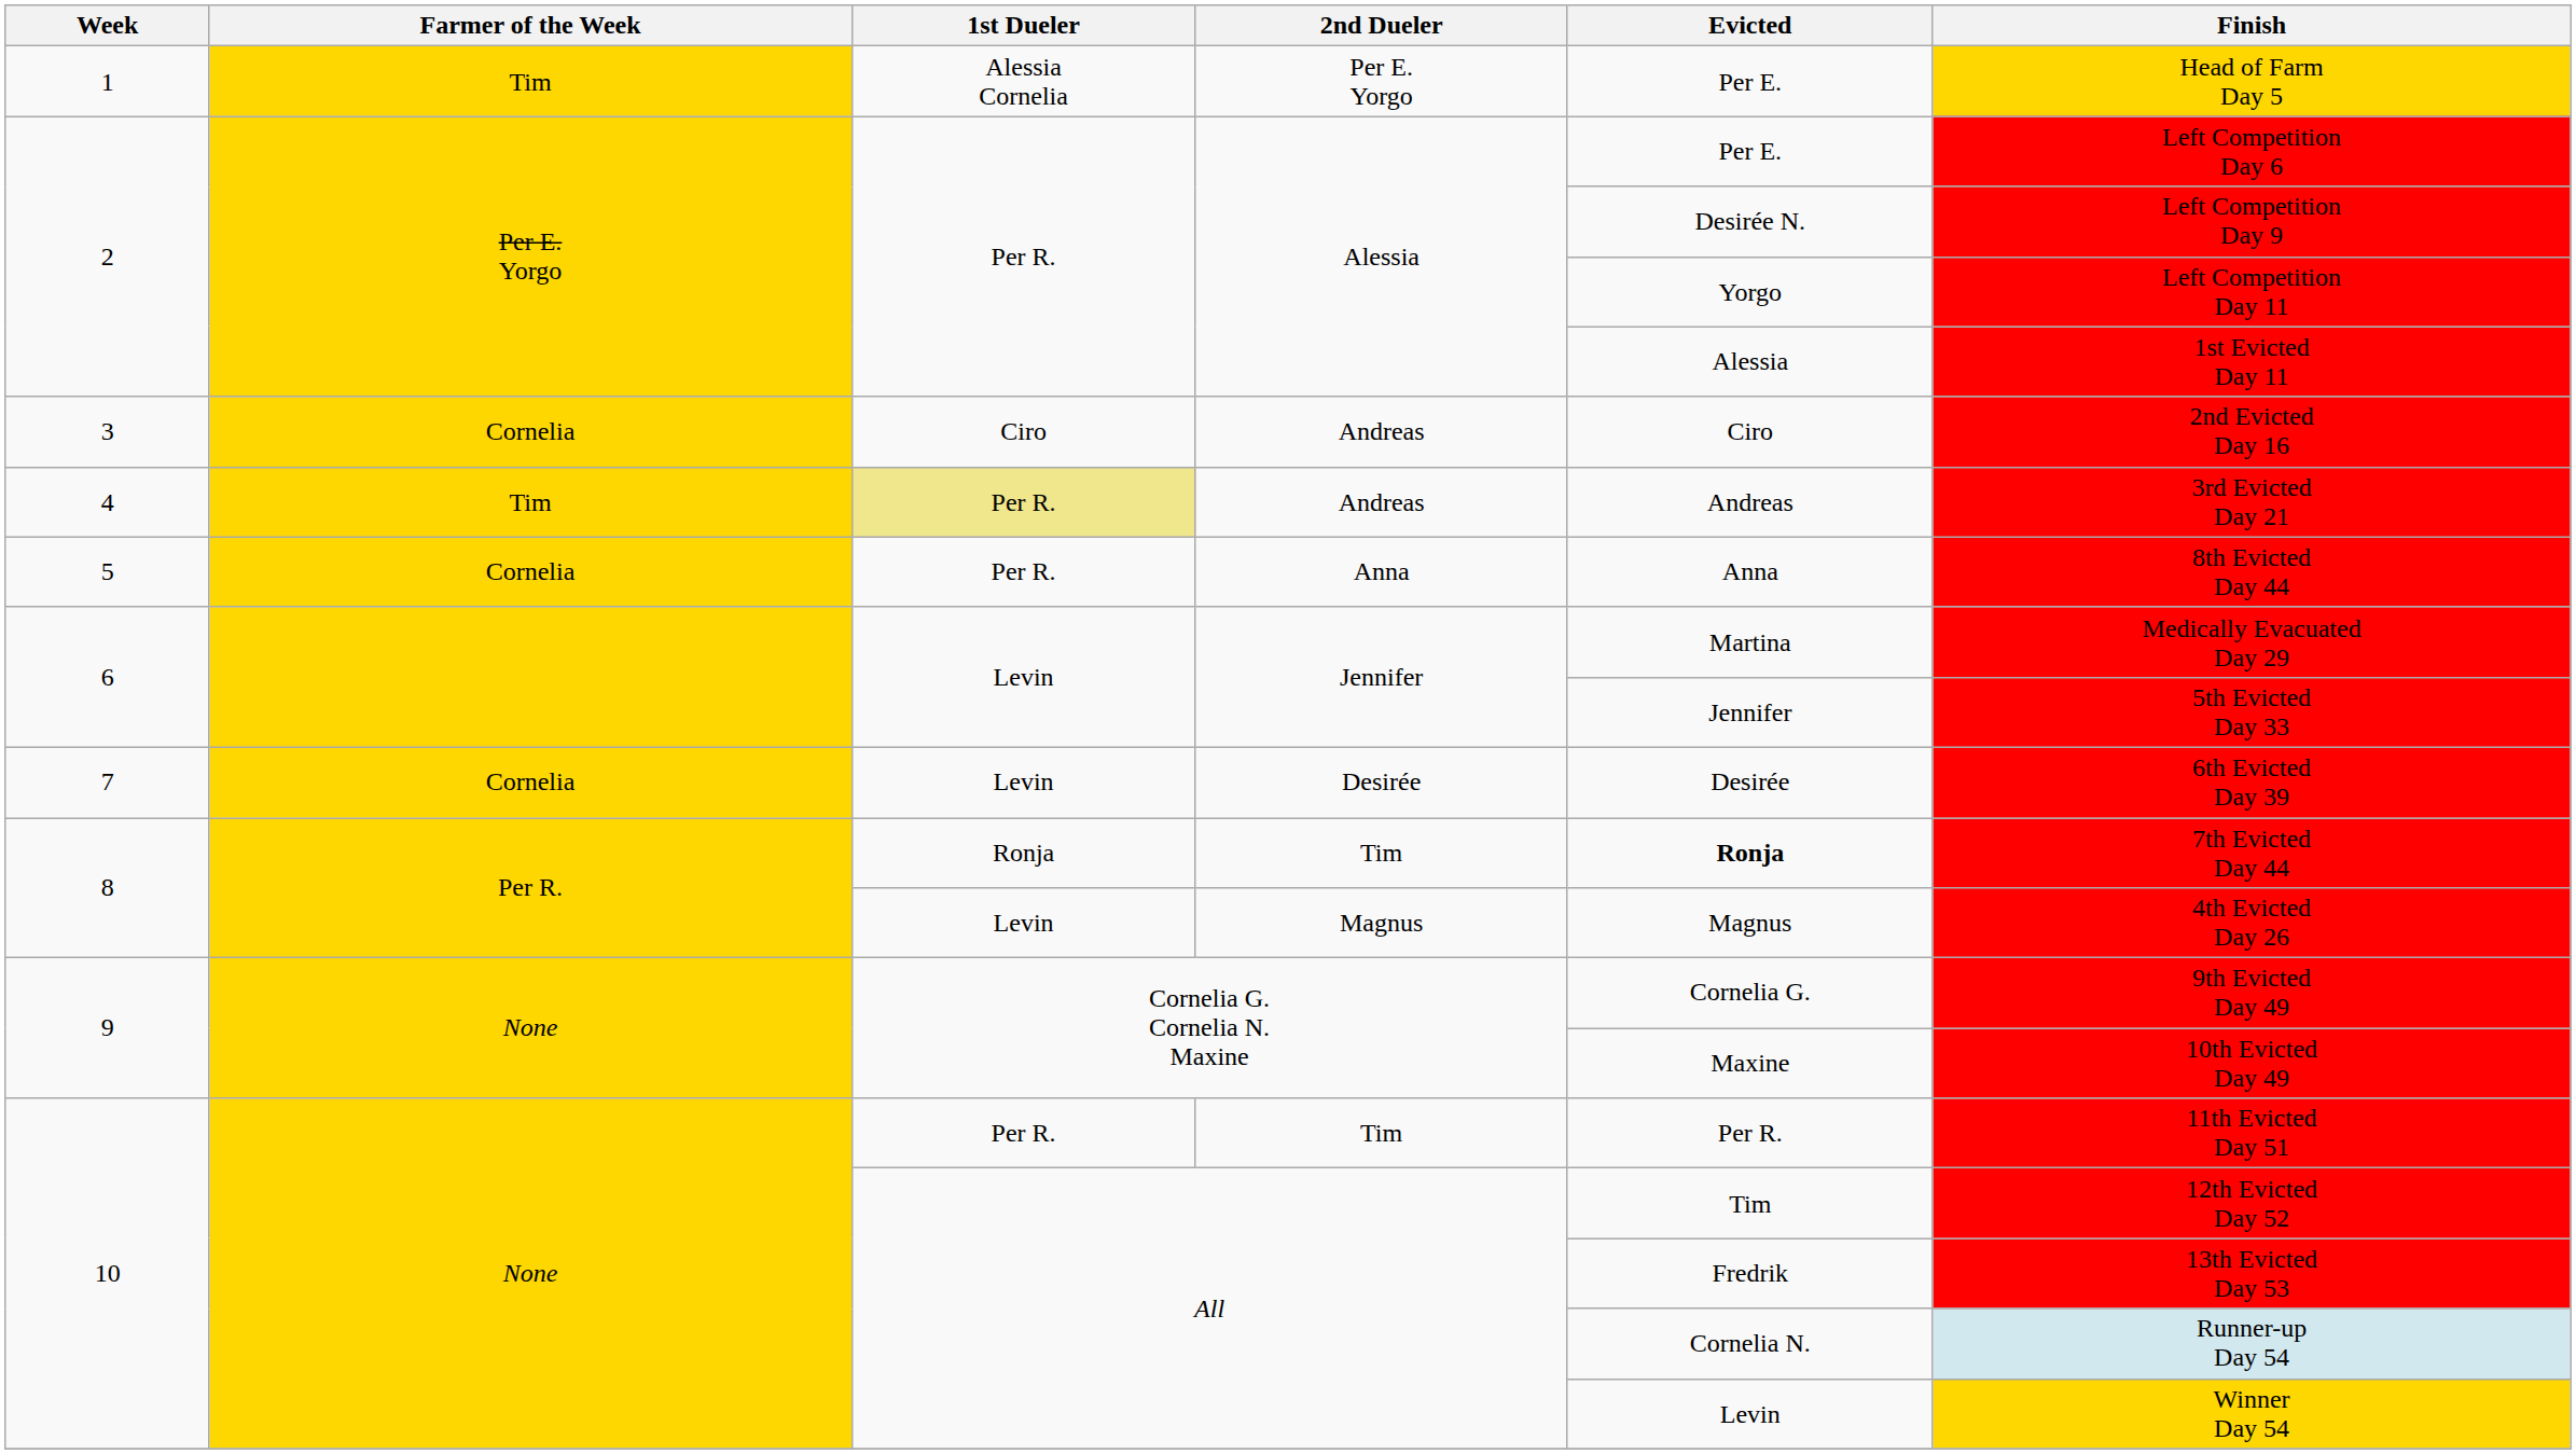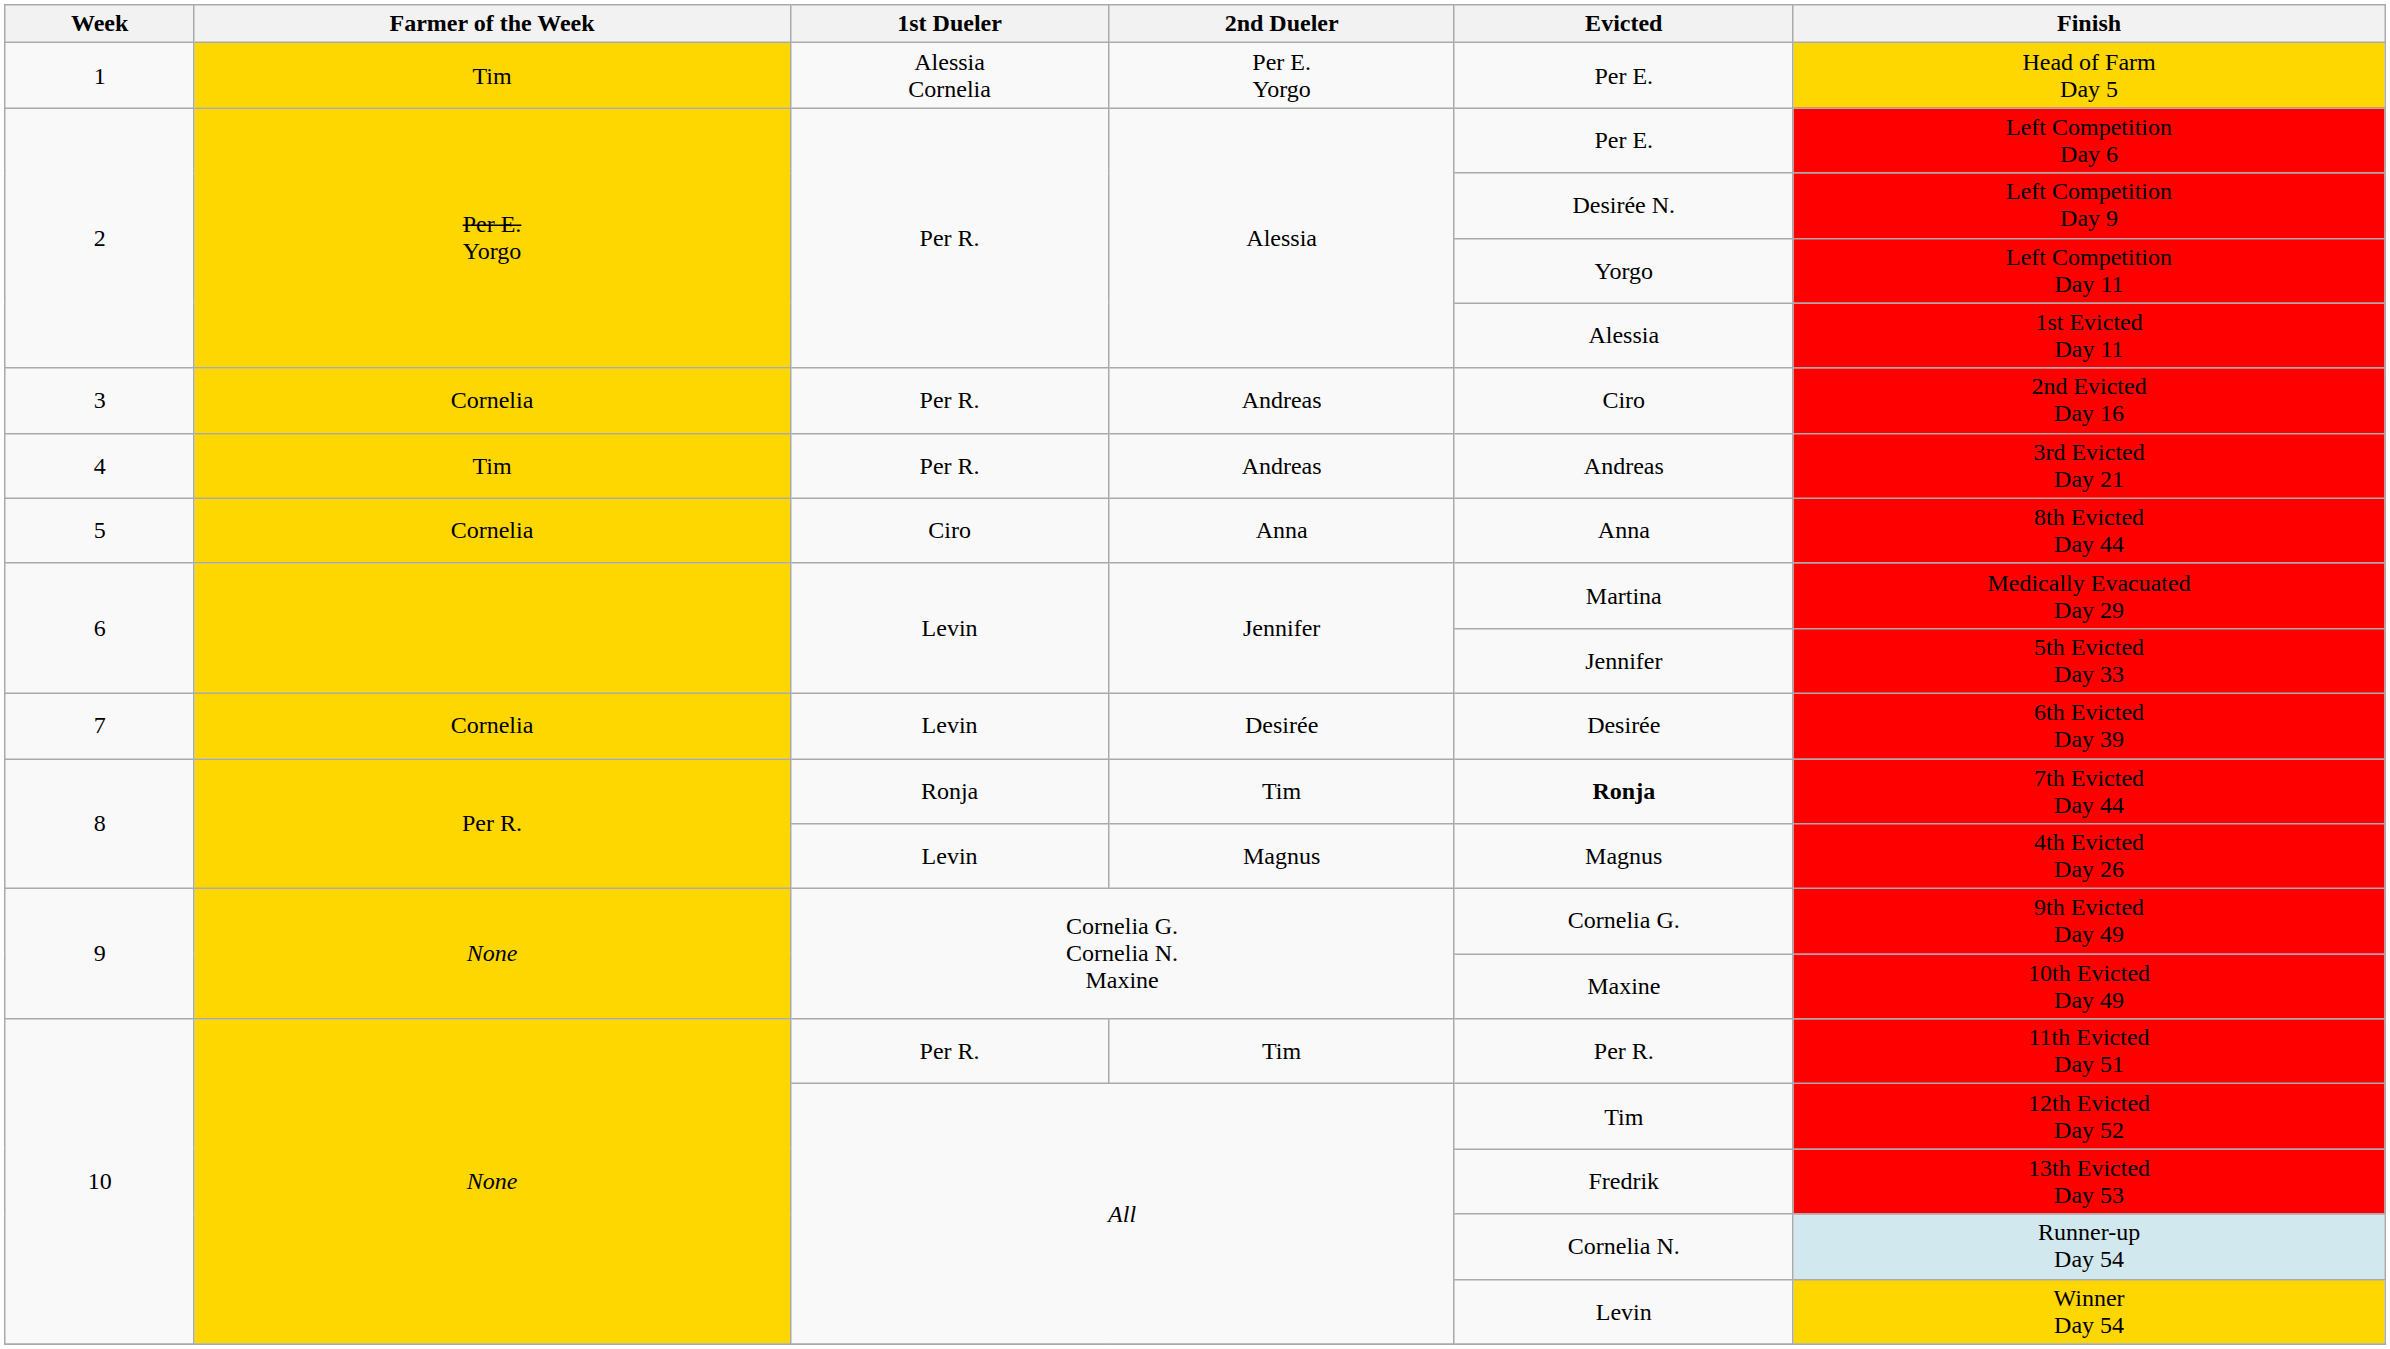 <table class="wikitable" style="font-size:100%; text-align:center; width: 80%; margin-left: auto; margin-right: auto;">
 <tr>
 <th>Week</th>
 <th>Farmer of the Week</th>
 <th>1st Dueler</th>
 <th>2nd Dueler</th>
 <th>Evicted</th>
 <th>Finish</th>
 </tr>
 <tr>
 <td>1</td>
 <td style="background:gold;">Tim</td>
 <td>Alessia<br>Cornelia</td>
 <td>Per E.<br>Yorgo</td>
 <td>Per E.</td>
 <td style="background:gold">Head of Farm<br>Day 5</td>
 </tr>
 <tr>
 <td rowspan="4">2</td>
 <td rowspan="4" style="background:gold;"><s>Per E.</s><br>Yorgo</td>
 <td rowspan="4">Per R.</td>
 <td rowspan="4">Alessia</td>
 <td rowspan="1">Per E.</td>
 <td rowspan="1" style="background:#ff0000">Left Competition<br>Day 6</td>
 </tr>
 <tr>
 <td rowspan="1">Desirée N.</td>
 <td rowspan="1" style="background:#ff0000">Left Competition<br>Day 9</td>
 </tr>
 <tr>
 <td rowspan="1">Yorgo</td>
 <td rowspan="1" style="background:#ff0000">Left Competition<br>Day 11</td>
 </tr>
 <tr>
 <td rowspan="1">Alessia</td>
 <td rowspan="1" style="background:#ff0000">1st Evicted<br>Day 11</td>
 </tr>
 <tr>
 <td>3</td>
 <td style="background:gold;">Cornelia</td>
-<td>Ciro</td>
+<td>Per R.</td>
 <td>Andreas</td>
 <td>Ciro</td>
 <td style="background:#ff0000">2nd Evicted<br>Day 16</td>
 </tr>
 <tr>
 <td>4</td>
 <td style="background:gold;">Tim</td>
-<td style="background: khaki;">Per R.</td>
+<td>Per R.</td>
 <td>Andreas</td>
 <td>Andreas</td>
 <td style="background:#ff0000">3rd Evicted<br>Day 21</td>
 </tr>
 <tr>
 <td>5</td>
 <td style="background:gold;">Cornelia</td>
-<td>Per R.</td>
+<td>Ciro</td>
 <td>Anna</td>
 <td>Anna</td>
 <td rowspan="1" style="background:#ff0000">8th Evicted<br>Day 44</td>
 </tr>
 <tr>
 <td rowspan="2">6</td>
 <td rowspan="2" style="background:gold;"></td>
 <td rowspan="2">Levin</td>
 <td rowspan="2">Jennifer</td>
 <td rowspan="1">Martina</td>
 <td style="background:#ff0000">Medically Evacuated<br>Day 29</td>
 </tr>
 <tr>
 <td rowspan="1">Jennifer</td>
 <td rowspan="1" style="background:#ff0000">5th Evicted<br>Day 33</td>
 </tr>
 <tr>
 <td>7</td>
 <td style="background:gold;">Cornelia</td>
 <td>Levin</td>
 <td>Desirée</td>
 <td>Desirée</td>
 <td style="background:#ff0000">6th Evicted<br>Day 39</td>
 </tr>
 <tr>
 <td rowspan="2">8</td>
 <td rowspan="2" style="background:gold;">Per R.</td>
 <td rowspan="1">Ronja</td>
 <td rowspan="1">Tim</td>
 <td rowspan="1"><strong>Ronja</strong></td>
 <td rowspan="1" style="background:#ff0000">7th Evicted<br>Day 44</td>
 </tr>
 <tr>
 <td rowspan="1">Levin</td>
 <td rowspan="1">Magnus</td>
 <td rowspan="1">Magnus</td>
 <td style="background:#ff0000">4th Evicted<br>Day 26</td>
 </tr>
 <tr>
 <td rowspan="2">9</td>
 <td rowspan="2" style="background:gold;"><em>None</em></td>
 <td colspan="2" rowspan="2">Cornelia G.<br>Cornelia N.<br>Maxine</td>
 <td rowspan="1">Cornelia G.</td>
 <td rowspan="1" style="background:#ff0000">9th Evicted<br>Day 49</td>
 </tr>
 <tr>
 <td rowspan="1">Maxine</td>
 <td rowspan="1" style="background:#ff0000">10th Evicted<br>Day 49</td>
 </tr>
 <tr>
 <td rowspan="5">10</td>
 <td rowspan="5" style="background:gold;"><em>None</em></td>
 <td rowspan="1">Per R.</td>
 <td rowspan="1">Tim</td>
 <td>Per R.</td>
 <td style="background:#ff0000">11th Evicted<br>Day 51</td>
 </tr>
 <tr>
 <td rowspan="4" colspan="2"><em>All</em></td>
 <td>Tim</td>
 <td style="background:#ff0000">12th Evicted<br>Day 52</td>
 </tr>
 <tr>
 <td>Fredrik</td>
 <td style="background:#ff0000">13th Evicted<br>Day 53</td>
 </tr>
 <tr>
 <td>Cornelia N.</td>
 <td style="background:#D1E8EF;">Runner-up<br>Day 54</td>
 </tr>
 <tr>
 <td>Levin</td>
 <td style="background:gold;">Winner<br>Day 54</td>
 </tr>
 <tr>
 </tr>
 </table>
